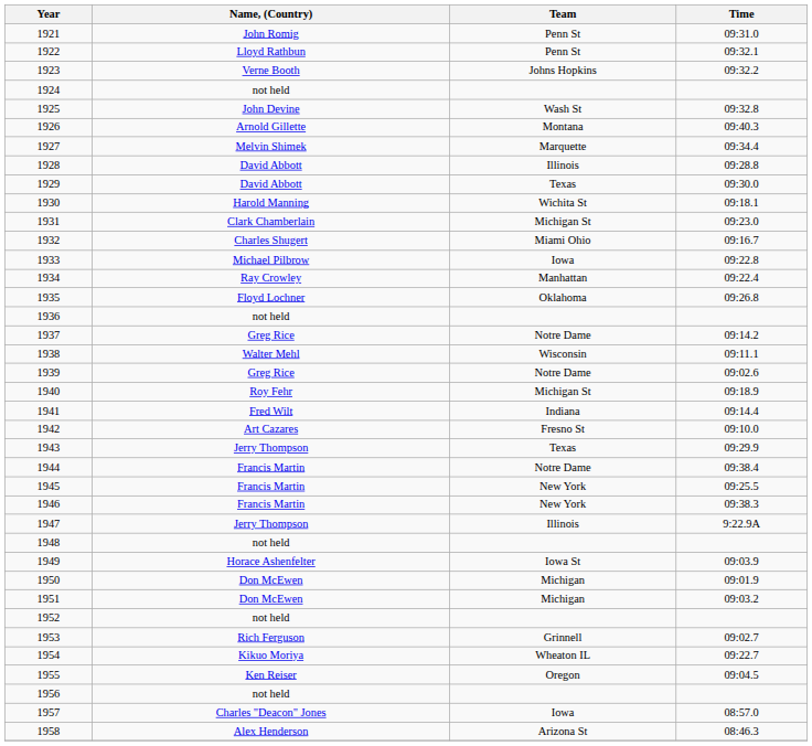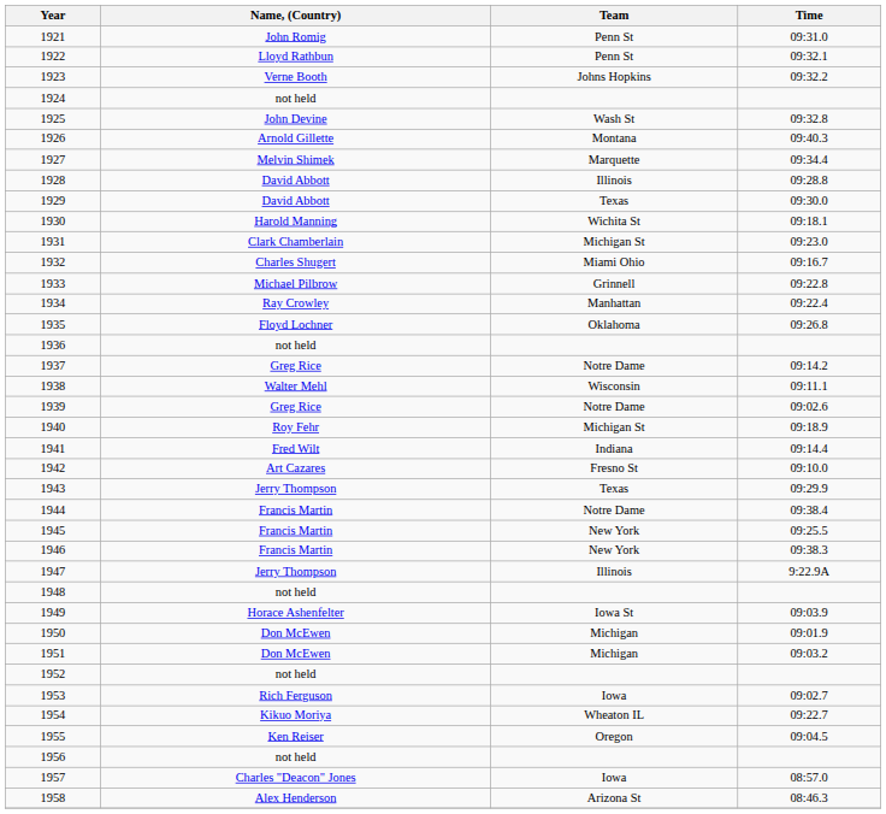 <table class="wikitable sortable" style="font-size:90%; width: 80%; text-align: center;">
 <tr>
 <th>Year</th>
 <th>Name, (Country)</th>
 <th>Team</th>
 <th>Time</th>
 </tr>
 <tr>
 <td>1921</td>
 <td><a href='#'>John Romig</a></td>
 <td>Penn St</td>
 <td>09:31.0</td>
 </tr>
 <tr>
 <td>1922</td>
 <td><a href='#'>Lloyd Rathbun</a></td>
 <td>Penn St</td>
 <td>09:32.1</td>
 </tr>
 <tr>
 <td>1923</td>
 <td><a href='#'>Verne Booth</a></td>
 <td>Johns Hopkins</td>
 <td>09:32.2</td>
 </tr>
 <tr>
 <td>1924</td>
 <td>not held</td>
 <td></td>
 </tr>
 <tr>
 <td>1925</td>
 <td><a href='#'>John Devine</a></td>
 <td>Wash St</td>
 <td>09:32.8</td>
 </tr>
 <tr>
 <td>1926</td>
 <td><a href='#'>Arnold Gillette</a></td>
 <td>Montana</td>
 <td>09:40.3</td>
 </tr>
 <tr>
 <td>1927</td>
 <td><a href='#'>Melvin Shimek</a></td>
 <td>Marquette</td>
 <td>09:34.4</td>
 </tr>
 <tr>
 <td>1928</td>
 <td><a href='#'>David Abbott</a></td>
 <td>Illinois</td>
 <td>09:28.8</td>
 </tr>
 <tr>
 <td>1929</td>
 <td><a href='#'>David Abbott</a></td>
 <td>Texas</td>
 <td>09:30.0</td>
 </tr>
 <tr>
 <td>1930</td>
 <td><a href='#'>Harold Manning</a></td>
 <td>Wichita St</td>
 <td>09:18.1</td>
 </tr>
 <tr>
 <td>1931</td>
 <td><a href='#'>Clark Chamberlain</a></td>
 <td>Michigan St</td>
 <td>09:23.0</td>
 </tr>
 <tr>
 <td>1932</td>
 <td><a href='#'>Charles Shugert</a></td>
 <td>Miami Ohio</td>
 <td>09:16.7</td>
 </tr>
 <tr>
 <td>1933</td>
 <td><a href='#'>Michael Pilbrow</a></td>
-<td>Iowa</td>
+<td>Grinnell</td>
 <td>09:22.8</td>
 </tr>
 <tr>
 <td>1934</td>
 <td><a href='#'>Ray Crowley</a></td>
 <td>Manhattan</td>
 <td>09:22.4</td>
 </tr>
 <tr>
 <td>1935</td>
 <td><a href='#'>Floyd Lochner</a></td>
 <td>Oklahoma</td>
 <td>09:26.8</td>
 </tr>
 <tr>
 <td>1936</td>
 <td>not held</td>
 <td></td>
 </tr>
 <tr>
 <td>1937</td>
 <td><a href='#'>Greg Rice</a></td>
 <td>Notre Dame</td>
 <td>09:14.2</td>
 </tr>
 <tr>
 <td>1938</td>
 <td><a href='#'>Walter Mehl</a></td>
 <td>Wisconsin</td>
 <td>09:11.1</td>
 </tr>
 <tr>
 <td>1939</td>
 <td><a href='#'>Greg Rice</a></td>
 <td>Notre Dame</td>
 <td>09:02.6</td>
 </tr>
 <tr>
 <td>1940</td>
 <td><a href='#'>Roy Fehr</a></td>
 <td>Michigan St</td>
 <td>09:18.9</td>
 </tr>
 <tr>
 <td>1941</td>
 <td><a href='#'>Fred Wilt</a></td>
 <td>Indiana</td>
 <td>09:14.4</td>
 </tr>
 <tr>
 <td>1942</td>
 <td><a href='#'>Art Cazares</a></td>
 <td>Fresno St</td>
 <td>09:10.0</td>
 </tr>
 <tr>
 <td>1943</td>
 <td><a href='#'>Jerry Thompson</a></td>
 <td>Texas</td>
 <td>09:29.9</td>
 </tr>
 <tr>
 <td>1944</td>
 <td><a href='#'>Francis Martin</a></td>
 <td>Notre Dame</td>
 <td>09:38.4</td>
 </tr>
 <tr>
 <td>1945</td>
 <td><a href='#'>Francis Martin</a></td>
 <td>New York</td>
 <td>09:25.5</td>
 </tr>
 <tr>
 <td>1946</td>
 <td><a href='#'>Francis Martin</a></td>
 <td>New York</td>
 <td>09:38.3</td>
 </tr>
 <tr>
 <td>1947</td>
 <td><a href='#'>Jerry Thompson</a></td>
 <td>Illinois</td>
 <td>9:22.9A</td>
 </tr>
 <tr>
 <td>1948</td>
 <td>not held</td>
 <td></td>
 </tr>
 <tr>
 <td>1949</td>
 <td><a href='#'>Horace Ashenfelter</a></td>
 <td>Iowa St</td>
 <td>09:03.9</td>
 </tr>
 <tr>
 <td>1950</td>
 <td><a href='#'>Don McEwen</a></td>
 <td>Michigan</td>
 <td>09:01.9</td>
 </tr>
 <tr>
 <td>1951</td>
 <td><a href='#'>Don McEwen</a></td>
 <td>Michigan</td>
 <td>09:03.2</td>
 </tr>
 <tr>
 <td>1952</td>
 <td>not held</td>
 <td></td>
 </tr>
 <tr>
 <td>1953</td>
 <td><a href='#'>Rich Ferguson</a></td>
-<td>Grinnell</td>
+<td>Iowa</td>
 <td>09:02.7</td>
 </tr>
 <tr>
 <td>1954</td>
 <td><a href='#'>Kikuo Moriya</a> </td>
 <td>Wheaton IL</td>
 <td>09:22.7</td>
 </tr>
 <tr>
 <td>1955</td>
 <td><a href='#'>Ken Reiser</a></td>
 <td>Oregon</td>
 <td>09:04.5</td>
 </tr>
 <tr>
 <td>1956</td>
 <td>not held</td>
 <td></td>
 </tr>
 <tr>
 <td>1957</td>
 <td><a href='#'>Charles "Deacon" Jones</a></td>
 <td>Iowa</td>
 <td>08:57.0</td>
 </tr>
 <tr>
 <td>1958</td>
 <td><a href='#'>Alex Henderson</a></td>
 <td>Arizona St</td>
 <td>08:46.3</td>
 </tr>
 <tr>
 </tr>
 </table>
